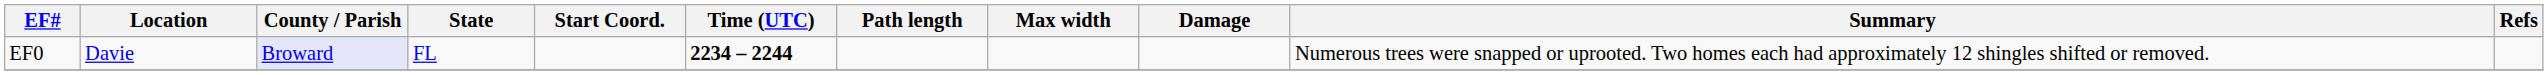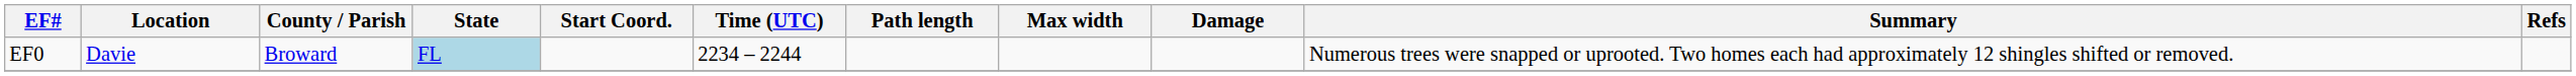 <table class="wikitable sortable" style="width:100%;">
 <tr>
 <th scope="col" width="3%" align="center"><a href='#'>EF#</a></th>
 <th scope="col" width="7%" align="center" class="unsortable">Location</th>
 <th scope="col" width="6%" align="center" class="unsortable">County / Parish</th>
 <th scope="col" width="5%" align="center">State</th>
 <th scope="col" width="6%" align="center">Start Coord.</th>
 <th scope="col" width="6%" align="center">Time (<a href='#'>UTC</a>)</th>
 <th scope="col" width="6%" align="center">Path length</th>
 <th scope="col" width="6%" align="center">Max width</th>
 <th scope="col" width="6%" align="center">Damage</th>
 <th scope="col" width="48%" class="unsortable" align="center">Summary</th>
 <th scope="col" width="48%" class="unsortable" align="center">Refs</th>
 </tr>
 <tr>
 <td>EF0</td>
 <td><a href='#'>Davie</a></td>
-<td style="background: lavender;"><a href='#'>Broward</a></td>
-<td><a href='#'>FL</a></td>
+<td><a href='#'>Broward</a></td>
+<td style="background: lightblue;"><a href='#'>FL</a></td>
 <td></td>
-<td><strong>2234 – 2244</strong></td>
+<td>2234 – 2244</td>
 <td></td>
 <td></td>
 <td></td>
 <td>Numerous trees were snapped or uprooted. Two homes each had approximately 12 shingles shifted or removed.</td>
 <td></td>
 </tr>
 <tr>
 </tr>
 </table>
